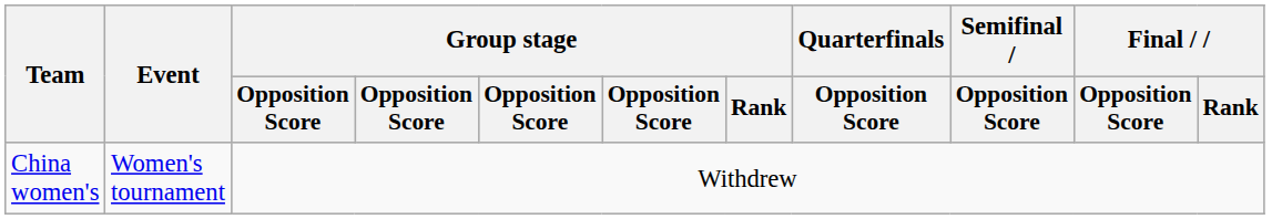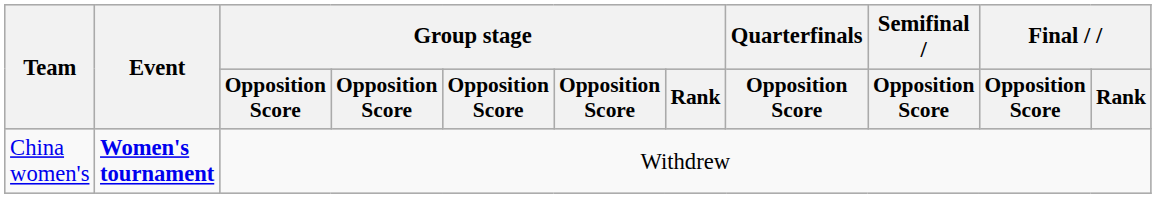 <table class=wikitable style=font-size:90%;text-align:center>
 <tr>
 <th rowspan=2>Team</th>
 <th rowspan=2>Event</th>
 <th colspan=5>Group stage</th>
 <th>Quarterfinals</th>
 <th>Semifinal / </th>
 <th colspan=2>Final /  / </th>
 </tr>
 <tr style=font-size:95%>
 <th>Opposition<br>Score</th>
 <th>Opposition<br>Score</th>
 <th>Opposition<br>Score</th>
 <th>Opposition<br>Score</th>
 <th>Rank</th>
 <th>Opposition<br>Score</th>
 <th>Opposition<br>Score</th>
 <th>Opposition<br>Score</th>
 <th>Rank</th>
 </tr>
 <tr>
 <td align=left><a href='#'>China women's</a></td>
-<td align=left><a href='#'>Women's tournament</a></td>
+<td align=left><strong><a href='#'>Women's tournament</a></strong></td>
 <td colspan=9>Withdrew</td>
 </tr>
 </table>
